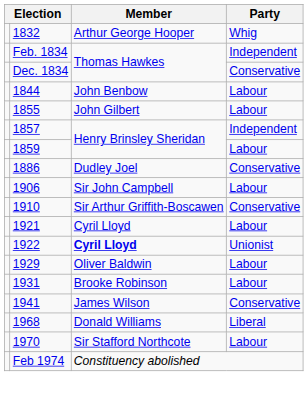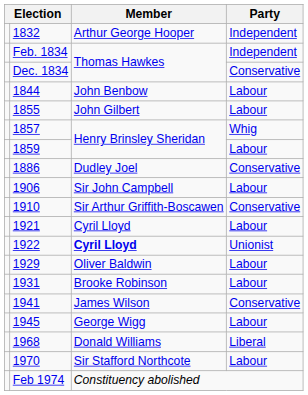 <table class="wikitable">
 <tr>
 <th colspan="2">Election</th>
 <th>Member</th>
 <th>Party</th>
 </tr>
 <tr>
 <td style="color:inherit;background-color: "></td>
 <td><a href='#'>1832</a></td>
 <td><a href='#'>Arthur George Hooper</a></td>
-<td><a href='#'>Whig</a></td>
+<td><a href='#'>Independent</a></td>
 </tr>
 <tr>
 <td style="color:inherit;background-color: "></td>
 <td><a href='#'>Feb. 1834</a></td>
 <td rowspan="2"><a href='#'>Thomas Hawkes</a></td>
 <td><a href='#'>Independent</a></td>
 </tr>
 <tr>
 <td style="color:inherit;background-color: "></td>
 <td><a href='#'>Dec. 1834</a></td>
 <td><a href='#'>Conservative</a></td>
 </tr>
 <tr>
 <td style="color:inherit;background-color: "></td>
 <td><a href='#'>1844</a></td>
 <td><a href='#'>John Benbow</a></td>
 <td><a href='#'>Labour</a></td>
 </tr>
 <tr>
 <td style="color:inherit;background-color: "></td>
 <td><a href='#'>1855</a></td>
 <td><a href='#'>John Gilbert</a></td>
 <td><a href='#'>Labour</a></td>
 </tr>
 <tr>
 <td style="color:inherit;background-color: "></td>
 <td><a href='#'>1857</a></td>
 <td rowspan="2"><a href='#'>Henry Brinsley Sheridan</a></td>
-<td><a href='#'>Independent</a></td>
+<td><a href='#'>Whig</a></td>
 </tr>
 <tr>
 <td style="color:inherit;background-color: "></td>
 <td><a href='#'>1859</a></td>
 <td><a href='#'>Labour</a></td>
 </tr>
 <tr>
 <td style="color:inherit;background-color: "></td>
 <td><a href='#'>1886</a></td>
 <td><a href='#'>Dudley Joel</a></td>
 <td><a href='#'>Conservative</a></td>
 </tr>
 <tr>
 <td style="color:inherit;background-color: "></td>
 <td><a href='#'>1906</a></td>
 <td><a href='#'>Sir John Campbell</a></td>
 <td><a href='#'>Labour</a></td>
 </tr>
 <tr>
 <td style="color:inherit;background-color: "></td>
 <td><a href='#'>1910</a></td>
 <td><a href='#'>Sir Arthur Griffith-Boscawen</a></td>
 <td><a href='#'>Conservative</a></td>
 </tr>
 <tr>
 <td style="color:inherit;background-color: "></td>
 <td><a href='#'>1921</a></td>
 <td><a href='#'>Cyril Lloyd</a></td>
 <td><a href='#'>Labour</a></td>
 </tr>
 <tr>
 <td style="color:inherit;background-color: "></td>
 <td><a href='#'>1922</a></td>
 <td><strong><a href='#'>Cyril Lloyd</a></strong></td>
 <td><a href='#'>Unionist</a></td>
 </tr>
 <tr>
 <td style="color:inherit;background-color: "></td>
 <td><a href='#'>1929</a></td>
 <td><a href='#'>Oliver Baldwin</a></td>
 <td><a href='#'>Labour</a></td>
 </tr>
 <tr>
 <td style="color:inherit;background-color: "></td>
 <td><a href='#'>1931</a></td>
 <td><a href='#'>Brooke Robinson</a></td>
 <td><a href='#'>Labour</a></td>
 </tr>
 <tr>
 <td style="color:inherit;background-color: "></td>
 <td><a href='#'>1941</a></td>
 <td><a href='#'>James Wilson</a></td>
 <td><a href='#'>Conservative</a></td>
 </tr>
 <tr>
 <td style="color:inherit;background-color: "></td>
+<td><a href='#'>1945</a></td>
+<td><a href='#'>George Wigg</a></td>
+<td><a href='#'>Labour</a></td>
+</tr>
+<tr>
+<td style="color:inherit;background-color: "></td>
 <td><a href='#'>1968</a></td>
 <td><a href='#'>Donald Williams</a></td>
 <td><a href='#'>Liberal</a></td>
 </tr>
 <tr>
 <td style="color:inherit;background-color: "></td>
 <td><a href='#'>1970</a></td>
 <td><a href='#'>Sir Stafford Northcote</a></td>
 <td><a href='#'>Labour</a></td>
 </tr>
 <tr>
 <td></td>
 <td><a href='#'>Feb 1974</a></td>
 <td colspan="2"><em>Constituency abolished</em></td>
 </tr>
 </table>
